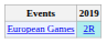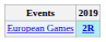 <table style='font-size: 90%; text-align:center;' class='wikitable'>
 <tr>
 <th>Events</th>
 <th>2019</th>
 </tr>
 <tr>
 <td bgcolor="#ECF2FF"; align="left"><a href='#'>European Games</a></td>
-<td bgcolor=AFEEEE><a href='#'>2R</a></td>
+<td bgcolor=AFEEEE><strong><a href='#'>2R</a></strong></td>
 </tr>
 </table>
